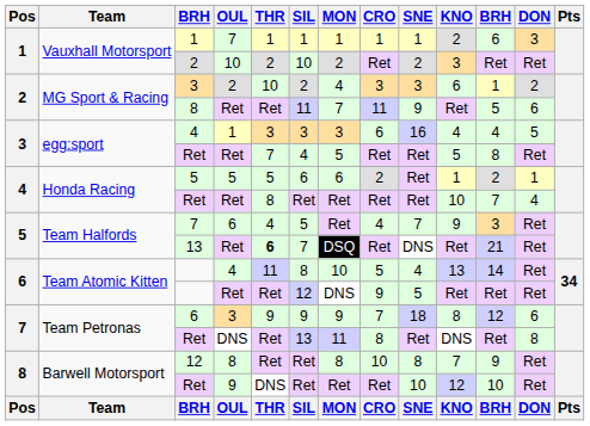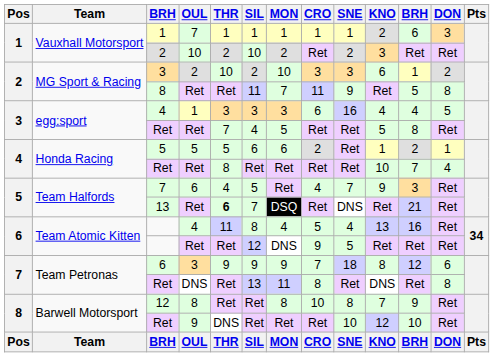 <table class="wikitable" style="font-size: 85%; text-align: center;">
 <tr valign="top">
 <th valign="middle">Pos</th>
 <th valign="middle">Team</th>
 <th><a href='#'>BRH</a></th>
 <th><a href='#'>OUL</a></th>
 <th><a href='#'>THR</a></th>
 <th><a href='#'>SIL</a></th>
 <th><a href='#'>MON</a></th>
 <th><a href='#'>CRO</a></th>
 <th><a href='#'>SNE</a></th>
 <th><a href='#'>KNO</a></th>
 <th><a href='#'>BRH</a></th>
 <th><a href='#'>DON</a></th>
 <th valign=middle>Pts</th>
 </tr>
 <tr>
 <th rowspan=2>1</th>
 <td rowspan=2 align=left nowrap><a href='#'>Vauxhall Motorsport</a></td>
 <td style="background:#FFFFBF;">1</td>
 <td style="background:#DFFFDF;">7</td>
 <td style="background:#FFFFBF;">1</td>
 <td style="background:#FFFFBF;">1</td>
 <td style="background:#FFFFBF;">1</td>
 <td style="background:#FFFFBF;">1</td>
 <td style="background:#FFFFBF;">1</td>
 <td style="background:#DFDFDF;">2</td>
 <td style="background:#DFFFDF;">6</td>
 <td style="background:#FFDF9F;">3</td>
 <th rowspan=2></th>
 </tr>
 <tr>
 <td style="background:#DFDFDF;">2</td>
 <td style="background:#DFFFDF;">10</td>
 <td style="background:#DFDFDF;">2</td>
 <td style="background:#DFFFDF;">10</td>
 <td style="background:#DFDFDF;">2</td>
 <td style="background:#EFCFFF;">Ret</td>
 <td style="background:#DFDFDF;">2</td>
 <td style="background:#FFDF9F;">3</td>
 <td style="background:#EFCFFF;">Ret</td>
 <td style="background:#EFCFFF;">Ret</td>
 </tr>
 <tr>
 <th rowspan=2>2</th>
 <td rowspan=2 align=left><a href='#'>MG Sport & Racing</a></td>
 <td style="background:#FFDF9F;">3</td>
 <td style="background:#DFDFDF;">2</td>
 <td style="background:#DFFFDF;">10</td>
 <td style="background:#DFDFDF;">2</td>
-<td style="background:#DFFFDF;">4</td>
+<td style="background:#DFFFDF;">10</td>
 <td style="background:#FFDF9F;">3</td>
 <td style="background:#FFDF9F;">3</td>
 <td style="background:#DFFFDF;">6</td>
 <td style="background:#FFFFBF;">1</td>
 <td style="background:#DFDFDF;">2</td>
 <th rowspan=2></th>
 </tr>
 <tr>
 <td style="background:#DFFFDF;">8</td>
 <td style="background:#EFCFFF;">Ret</td>
 <td style="background:#EFCFFF;">Ret</td>
 <td style="background:#CFCFFF;">11</td>
 <td style="background:#DFFFDF;">7</td>
 <td style="background:#CFCFFF;">11</td>
 <td style="background:#DFFFDF;">9</td>
 <td style="background:#EFCFFF;">Ret</td>
 <td style="background:#DFFFDF;">5</td>
-<td style="background:#DFFFDF;">6</td>
+<td style="background:#DFFFDF;">8</td>
 </tr>
 <tr>
 <th rowspan=2>3</th>
 <td rowspan=2 align=left><a href='#'>egg:sport</a></td>
 <td style="background:#DFFFDF;">4</td>
 <td style="background:#FFFFBF;">1</td>
 <td style="background:#FFDF9F;">3</td>
 <td style="background:#FFDF9F;">3</td>
 <td style="background:#FFDF9F;">3</td>
 <td style="background:#DFFFDF;">6</td>
 <td style="background:#CFCFFF;">16</td>
 <td style="background:#DFFFDF;">4</td>
 <td style="background:#DFFFDF;">4</td>
 <td style="background:#DFFFDF;">5</td>
 <th rowspan=2></th>
 </tr>
 <tr>
 <td style="background:#EFCFFF;">Ret</td>
 <td style="background:#EFCFFF;">Ret</td>
 <td style="background:#DFFFDF;">7</td>
 <td style="background:#DFFFDF;">4</td>
 <td style="background:#DFFFDF;">5</td>
 <td style="background:#EFCFFF;">Ret</td>
 <td style="background:#EFCFFF;">Ret</td>
 <td style="background:#DFFFDF;">5</td>
 <td style="background:#DFFFDF;">8</td>
 <td style="background:#EFCFFF;">Ret</td>
 </tr>
 <tr>
 <th rowspan=2>4</th>
 <td rowspan=2 align=left><a href='#'>Honda Racing</a></td>
 <td style="background:#DFFFDF;">5</td>
 <td style="background:#DFFFDF;">5</td>
 <td style="background:#DFFFDF;">5</td>
 <td style="background:#DFFFDF;">6</td>
 <td style="background:#DFFFDF;">6</td>
 <td style="background:#DFDFDF;">2</td>
 <td style="background:#EFCFFF;">Ret</td>
 <td style="background:#FFFFBF;">1</td>
 <td style="background:#DFDFDF;">2</td>
 <td style="background:#FFFFBF;">1</td>
 <th rowspan=2></th>
 </tr>
 <tr>
 <td style="background:#EFCFFF;">Ret</td>
 <td style="background:#EFCFFF;">Ret</td>
 <td style="background:#DFFFDF;">8</td>
 <td style="background:#EFCFFF;">Ret</td>
 <td style="background:#EFCFFF;">Ret</td>
 <td style="background:#EFCFFF;">Ret</td>
 <td style="background:#EFCFFF;">Ret</td>
 <td style="background:#DFFFDF;">10</td>
 <td style="background:#DFFFDF;">7</td>
 <td style="background:#DFFFDF;">4</td>
 </tr>
 <tr>
 <th rowspan=2>5</th>
 <td rowspan=2 align=left><a href='#'>Team Halfords</a></td>
 <td style="background:#DFFFDF;">7</td>
 <td style="background:#DFFFDF;">6</td>
 <td style="background:#DFFFDF;">4</td>
 <td style="background:#DFFFDF;">5</td>
 <td style="background:#EFCFFF;">Ret</td>
 <td style="background:#DFFFDF;">4</td>
 <td style="background:#DFFFDF;">7</td>
 <td style="background:#DFFFDF;">9</td>
 <td style="background:#FFDF9F;">3</td>
 <td style="background:#EFCFFF;">Ret</td>
 <th rowspan=2></th>
 </tr>
 <tr>
 <td style="background:#DFFFDF;">13</td>
 <td style="background:#EFCFFF;">Ret</td>
 <td style="background:#DFFFDF;"><strong>6</strong></td>
 <td style="background:#DFFFDF;">7</td>
 <td style="background:#000000; color:white">DSQ</td>
 <td style="background:#EFCFFF;">Ret</td>
 <td style="background:#FFFFFF;">DNS</td>
 <td style="background:#EFCFFF;">Ret</td>
 <td style="background:#CFCFFF;">21</td>
 <td style="background:#EFCFFF;">Ret</td>
 </tr>
 <tr>
 <th rowspan=2>6</th>
 <td rowspan=2 align=left><a href='#'>Team Atomic Kitten</a></td>
 <td></td>
 <td style="background:#DFFFDF;">4</td>
 <td style="background:#CFCFFF;">11</td>
 <td style="background:#DFFFDF;">8</td>
-<td style="background:#DFFFDF;">10</td>
+<td style="background:#DFFFDF;">4</td>
 <td style="background:#DFFFDF;">5</td>
 <td style="background:#DFFFDF;">4</td>
 <td style="background:#CFCFFF;">13</td>
-<td style="background:#CFCFFF;">14</td>
+<td style="background:#CFCFFF;">16</td>
 <td style="background:#EFCFFF;">Ret</td>
 <th rowspan=2>34</th>
 </tr>
 <tr>
 <td></td>
 <td style="background:#EFCFFF;">Ret</td>
 <td style="background:#EFCFFF;">Ret</td>
 <td style="background:#CFCFFF;">12</td>
 <td style="background:#FFFFFF;">DNS</td>
 <td style="background:#DFFFDF;">9</td>
 <td style="background:#DFFFDF;">5</td>
 <td style="background:#EFCFFF;">Ret</td>
 <td style="background:#EFCFFF;">Ret</td>
 <td style="background:#EFCFFF;">Ret</td>
 </tr>
 <tr>
 <th rowspan=2>7</th>
 <td rowspan=2 align=left>Team Petronas</td>
 <td style="background:#DFFFDF;">6</td>
 <td style="background:#FFDF9F;">3</td>
 <td style="background:#DFFFDF;">9</td>
 <td style="background:#DFFFDF;">9</td>
 <td style="background:#DFFFDF;">9</td>
 <td style="background:#DFFFDF;">7</td>
 <td style="background:#CFCFFF;">18</td>
 <td style="background:#DFFFDF;">8</td>
 <td style="background:#CFCFFF;">12</td>
 <td style="background:#DFFFDF;">6</td>
 <th rowspan=2></th>
 </tr>
 <tr>
 <td style="background:#EFCFFF;">Ret</td>
 <td style="background:#FFFFFF;">DNS</td>
 <td style="background:#EFCFFF;">Ret</td>
 <td style="background:#CFCFFF;">13</td>
 <td style="background:#CFCFFF;">11</td>
 <td style="background:#DFFFDF;">8</td>
 <td style="background:#EFCFFF;">Ret</td>
 <td style="background:#FFFFFF;">DNS</td>
 <td style="background:#EFCFFF;">Ret</td>
 <td style="background:#DFFFDF;">8</td>
 </tr>
 <tr>
 <th rowspan=2>8</th>
 <td rowspan=2 align=left>Barwell Motorsport</td>
 <td style="background:#DFFFDF;">12</td>
 <td style="background:#DFFFDF;">8</td>
 <td style="background:#EFCFFF;">Ret</td>
 <td style="background:#EFCFFF;">Ret</td>
 <td style="background:#DFFFDF;">8</td>
 <td style="background:#DFFFDF;">10</td>
 <td style="background:#DFFFDF;">8</td>
 <td style="background:#DFFFDF;">7</td>
 <td style="background:#DFFFDF;">9</td>
 <td style="background:#EFCFFF;">Ret</td>
 <th rowspan=2></th>
 </tr>
 <tr>
 <td style="background:#EFCFFF;">Ret</td>
 <td style="background:#DFFFDF;">9</td>
 <td style="background:#FFFFFF;">DNS</td>
 <td style="background:#EFCFFF;">Ret</td>
 <td style="background:#EFCFFF;">Ret</td>
 <td style="background:#EFCFFF;">Ret</td>
 <td style="background:#DFFFDF;">10</td>
 <td style="background:#CFCFFF;">12</td>
 <td style="background:#DFFFDF;">10</td>
 <td style="background:#EFCFFF;">Ret</td>
 </tr>
 <tr>
 <th valign="middle">Pos</th>
 <th valign="middle">Team</th>
 <th><a href='#'>BRH</a></th>
 <th><a href='#'>OUL</a></th>
 <th><a href='#'>THR</a></th>
 <th><a href='#'>SIL</a></th>
 <th><a href='#'>MON</a></th>
 <th><a href='#'>CRO</a></th>
 <th><a href='#'>SNE</a></th>
 <th><a href='#'>KNO</a></th>
 <th><a href='#'>BRH</a></th>
 <th><a href='#'>DON</a></th>
 <th valign=middle>Pts</th>
 </tr>
 </table>
